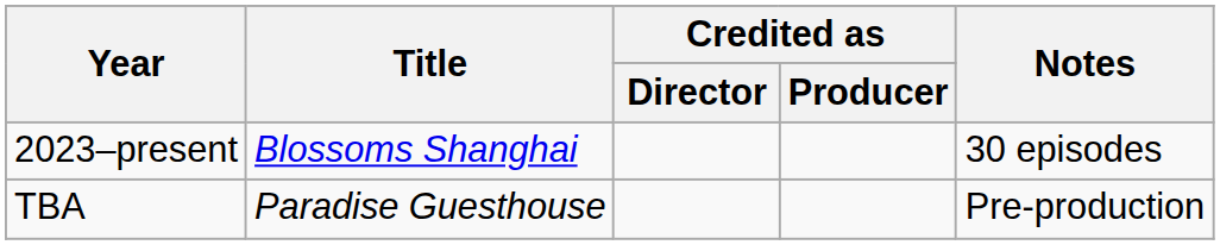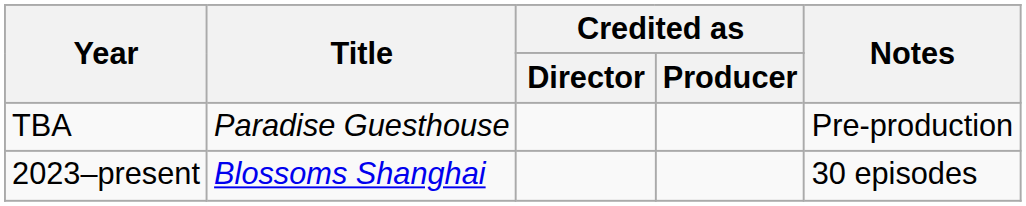 <table class="wikitable">
 <tr>
 <th rowspan="2">Year</th>
 <th rowspan="2">Title</th>
 <th colspan="2">Credited as</th>
 <th rowspan="2">Notes</th>
 </tr>
 <tr>
 <th width=65>Director</th>
 <th width=65>Producer</th>
 </tr>
 <tr>
+<td>TBA</td>
+<td><em>Paradise Guesthouse</em></td>
+<td></td>
+<td></td>
+<td>Pre-production</td>
+</tr>
+<tr>
 <td>2023–present</td>
 <td><em><a href='#'>Blossoms Shanghai</a></em></td>
 <td></td>
 <td></td>
 <td>30 episodes</td>
 </tr>
-<tr>
-<td>TBA</td>
-<td><em>Paradise Guesthouse</em></td>
-<td></td>
-<td></td>
-<td>Pre-production</td>
-</tr>
 </table>
